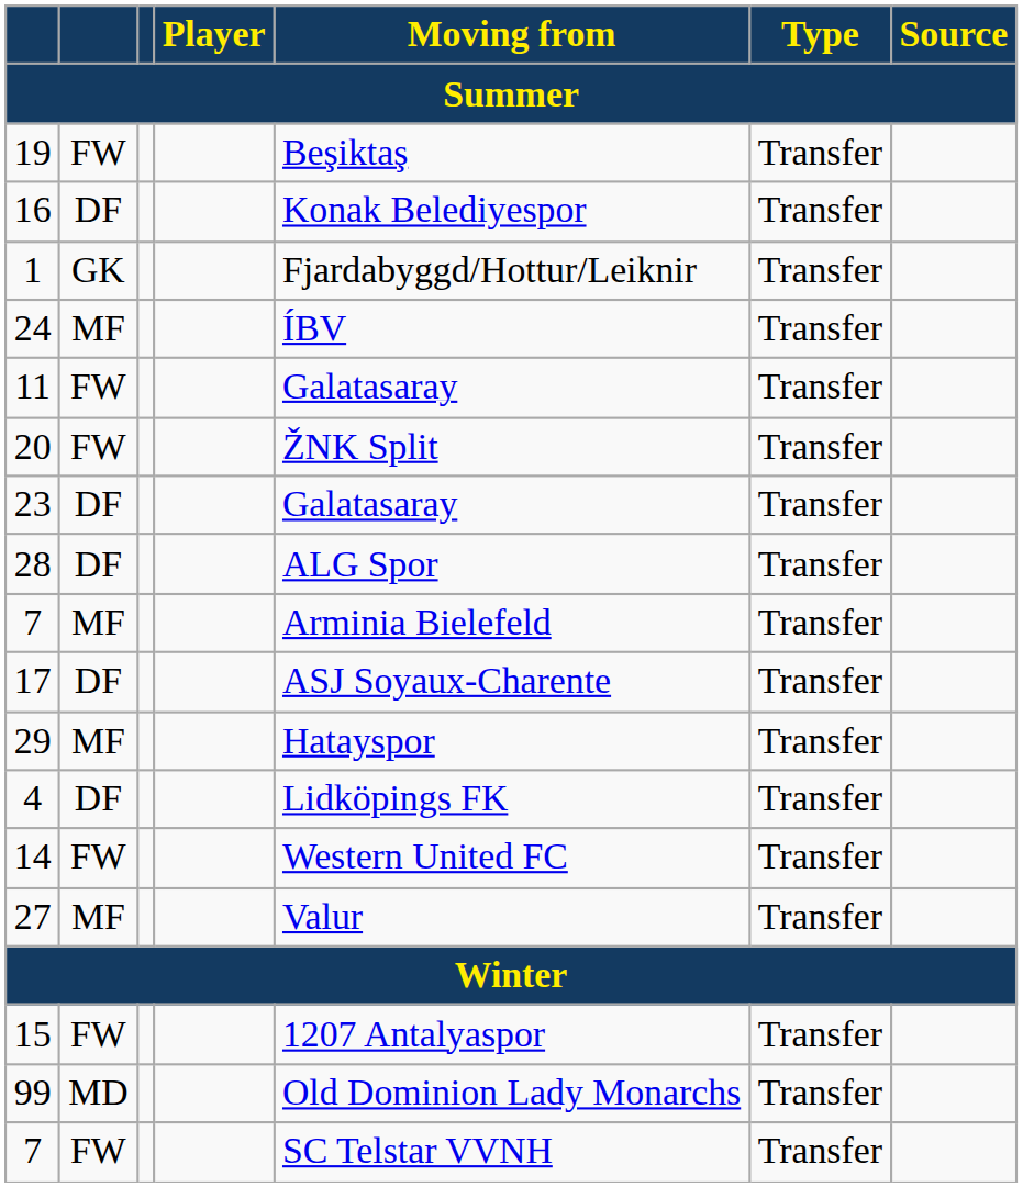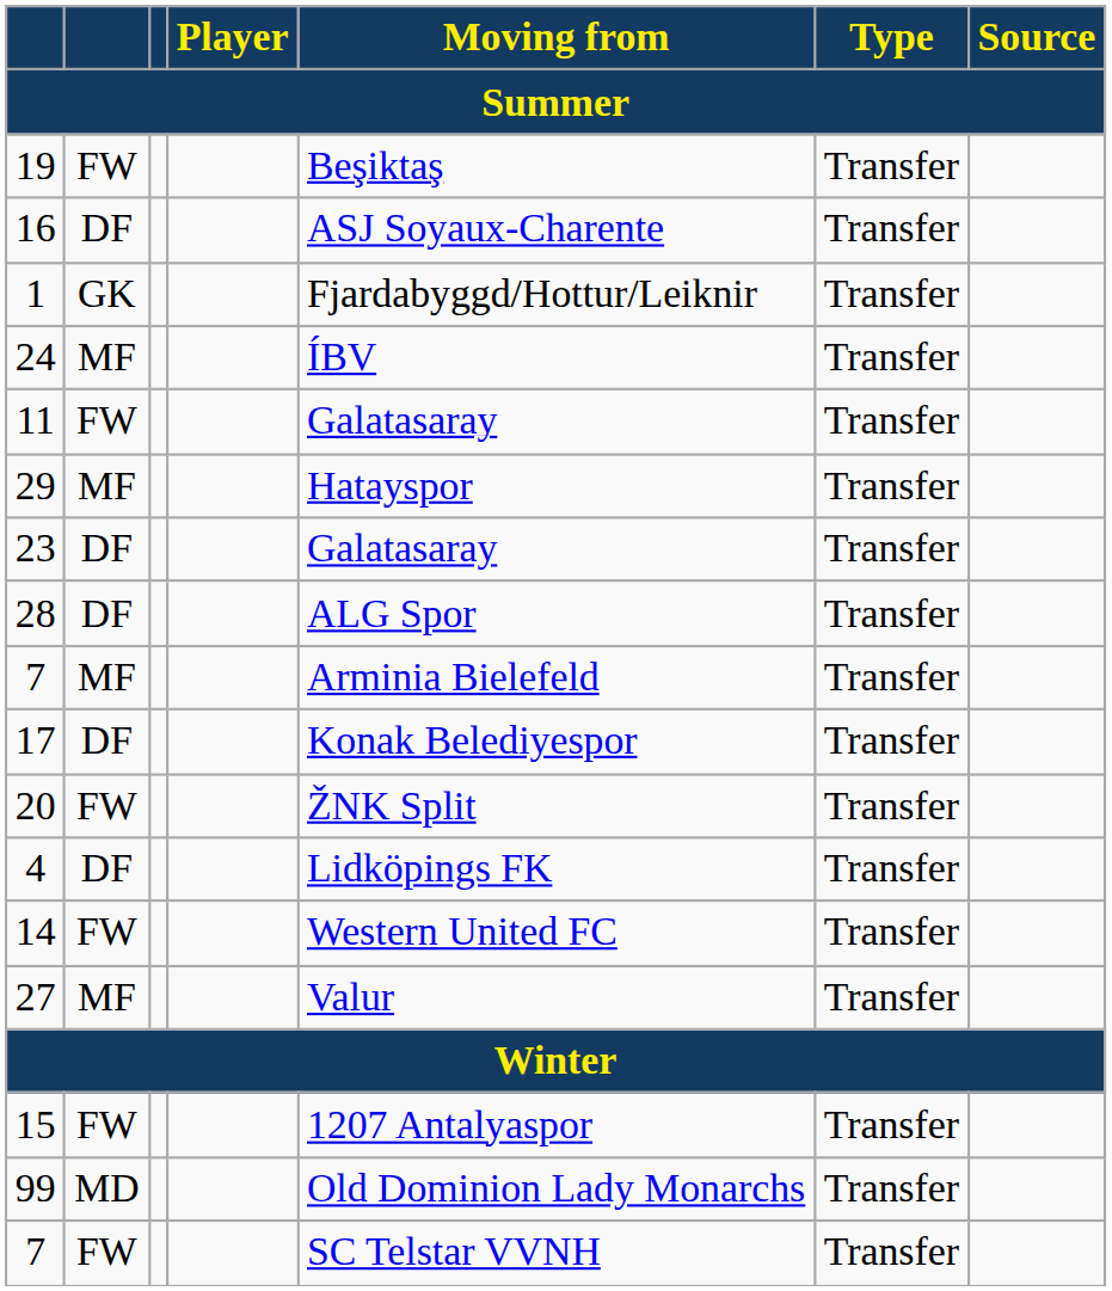 <table class="wikitable plainrowheaders sortable" style="text-align:center">
 <tr>
 <th style="background:#133A61; color:#FFED00; "></th>
 <th style="background:#133A61; color:#FFED00; "></th>
 <th style="background:#133A61; color:#FFED00; "></th>
 <th style="background:#133A61; color:#FFED00; ">Player</th>
 <th style="background:#133A61; color:#FFED00; ">Moving from</th>
 <th style="background:#133A61; color:#FFED00; ">Type</th>
 <th style="background:#133A61; color:#FFED00; ">Source</th>
 </tr>
 <tr>
 <th colspan=7 style="background:#133A61; color:#FFED00; ">Summer</th>
 </tr>
 <tr>
 <td>19</td>
 <td>FW</td>
 <td></td>
 <td align=left></td>
 <td align=left><a href='#'>Beşiktaş</a></td>
 <td>Transfer</td>
 <td></td>
 </tr>
 <tr>
 <td>16</td>
 <td>DF</td>
 <td></td>
 <td align=left></td>
-<td align=left><a href='#'>Konak Belediyespor</a></td>
+<td align=left> <a href='#'>ASJ Soyaux-Charente</a></td>
 <td>Transfer</td>
 <td></td>
 </tr>
 <tr>
 <td>1</td>
 <td>GK</td>
 <td></td>
 <td align=left></td>
 <td align=left> Fjardabyggd/Hottur/Leiknir</td>
 <td>Transfer</td>
 <td></td>
 </tr>
 <tr>
 <td>24</td>
 <td>MF</td>
 <td></td>
 <td align=left></td>
 <td align=left> <a href='#'>ÍBV</a></td>
 <td>Transfer</td>
 <td></td>
 </tr>
 <tr>
 <td>11</td>
 <td>FW</td>
 <td></td>
 <td align=left></td>
 <td align=left><a href='#'>Galatasaray</a></td>
 <td>Transfer</td>
 <td></td>
 </tr>
 <tr>
-<td>20</td>
-<td>FW</td>
+<td>29</td>
+<td>MF</td>
 <td></td>
 <td align=left></td>
-<td align=left> <a href='#'>ŽNK Split</a></td>
+<td align=left><a href='#'>Hatayspor</a></td>
 <td>Transfer</td>
 <td></td>
 </tr>
 <tr>
 <td>23</td>
 <td>DF</td>
 <td></td>
 <td align=left></td>
 <td align=left><a href='#'>Galatasaray</a></td>
 <td>Transfer</td>
 <td></td>
 </tr>
 <tr>
 <td>28</td>
 <td>DF</td>
 <td></td>
 <td align=left></td>
 <td align=left><a href='#'>ALG Spor</a></td>
 <td>Transfer</td>
 <td></td>
 </tr>
 <tr>
 <td>7</td>
 <td>MF</td>
 <td></td>
 <td align=left></td>
 <td align=left> <a href='#'>Arminia Bielefeld</a></td>
 <td>Transfer</td>
 <td></td>
 </tr>
 <tr>
 <td>17</td>
 <td>DF</td>
 <td></td>
 <td align=left></td>
-<td align=left> <a href='#'>ASJ Soyaux-Charente</a></td>
+<td align=left><a href='#'>Konak Belediyespor</a></td>
 <td>Transfer</td>
 <td></td>
 </tr>
 <tr>
-<td>29</td>
-<td>MF</td>
+<td>20</td>
+<td>FW</td>
 <td></td>
 <td align=left></td>
-<td align=left><a href='#'>Hatayspor</a></td>
+<td align=left> <a href='#'>ŽNK Split</a></td>
 <td>Transfer</td>
 <td></td>
 </tr>
 <tr>
 <td>4</td>
 <td>DF</td>
 <td></td>
 <td align=left></td>
 <td align=left> <a href='#'>Lidköpings FK</a></td>
 <td>Transfer</td>
 <td></td>
 </tr>
 <tr>
 <td>14</td>
 <td>FW</td>
 <td></td>
 <td align=left></td>
 <td align=left> <a href='#'>Western United FC</a></td>
 <td>Transfer</td>
 <td></td>
 </tr>
 <tr>
 <td>27</td>
 <td>MF</td>
 <td></td>
 <td align=left></td>
 <td align=left> <a href='#'>Valur</a></td>
 <td>Transfer</td>
 <td></td>
 </tr>
 <tr>
 <th colspan=7 style="background:#133A61; color:#FFED00; ">Winter</th>
 </tr>
 <tr>
 <td>15</td>
 <td>FW</td>
 <td></td>
 <td align=left></td>
 <td align=left><a href='#'>1207 Antalyaspor</a></td>
 <td>Transfer</td>
 <td></td>
 </tr>
 <tr>
 <td>99</td>
 <td>MD</td>
 <td></td>
 <td align=left></td>
 <td align=left> <a href='#'>Old Dominion Lady Monarchs</a></td>
 <td>Transfer</td>
 <td></td>
 </tr>
 <tr>
 <td>7</td>
 <td>FW</td>
 <td></td>
 <td align=left></td>
 <td align=left> <a href='#'>SC Telstar VVNH</a></td>
 <td>Transfer</td>
 <td></td>
 </tr>
 </table>
